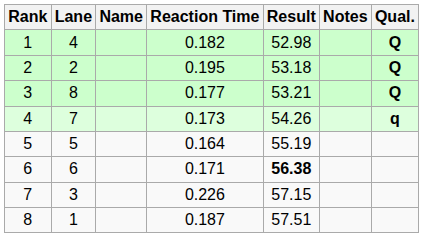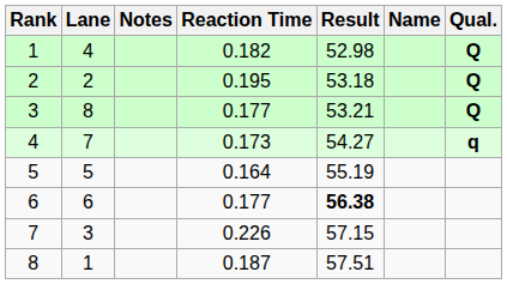 <table class="wikitable" style="text-align:center">
 <tr>
 <th>Rank</th>
 <th>Lane</th>
-<th>Name</th>
+<th>Notes</th>
 <th>Reaction Time</th>
 <th>Result</th>
-<th>Notes</th>
+<th>Name</th>
 <th>Qual.</th>
 </tr>
 <tr bgcolor=ccffcc>
 <td>1</td>
 <td>4</td>
-<td align="left"></td>
+<td></td>
 <td>0.182</td>
 <td>52.98</td>
-<td></td>
+<td align="left"></td>
 <td><strong>Q</strong></td>
 </tr>
 <tr bgcolor=ccffcc>
 <td>2</td>
 <td>2</td>
-<td align="left"></td>
+<td></td>
 <td>0.195</td>
 <td>53.18</td>
-<td></td>
+<td align="left"></td>
 <td><strong>Q</strong></td>
 </tr>
 <tr bgcolor=ccffcc>
 <td>3</td>
 <td>8</td>
-<td align="left"></td>
+<td></td>
 <td>0.177</td>
 <td>53.21</td>
-<td></td>
+<td align="left"></td>
 <td><strong>Q</strong></td>
 </tr>
 <tr bgcolor=ddffdd>
 <td>4</td>
 <td>7</td>
+<td></td>
+<td>0.173</td>
+<td>54.27</td>
 <td align="left"></td>
-<td>0.173</td>
-<td>54.26</td>
-<td></td>
 <td><strong>q</strong></td>
 </tr>
 <tr>
 <td>5</td>
 <td>5</td>
-<td align="left"></td>
+<td></td>
 <td>0.164</td>
 <td>55.19</td>
-<td></td>
+<td align="left"></td>
 <td></td>
 </tr>
 <tr>
 <td>6</td>
 <td>6</td>
+<td></td>
+<td>0.177</td>
+<td><strong>56.38</strong></td>
 <td align="left"></td>
-<td>0.171</td>
-<td><strong>56.38</strong></td>
-<td></td>
 <td></td>
 </tr>
 <tr>
 <td>7</td>
 <td>3</td>
-<td align="left"></td>
+<td></td>
 <td>0.226</td>
 <td>57.15</td>
-<td></td>
+<td align="left"></td>
 <td></td>
 </tr>
 <tr>
 <td>8</td>
 <td>1</td>
-<td align="left"></td>
+<td></td>
 <td>0.187</td>
 <td>57.51</td>
-<td></td>
+<td align="left"></td>
 <td></td>
 </tr>
 </table>
